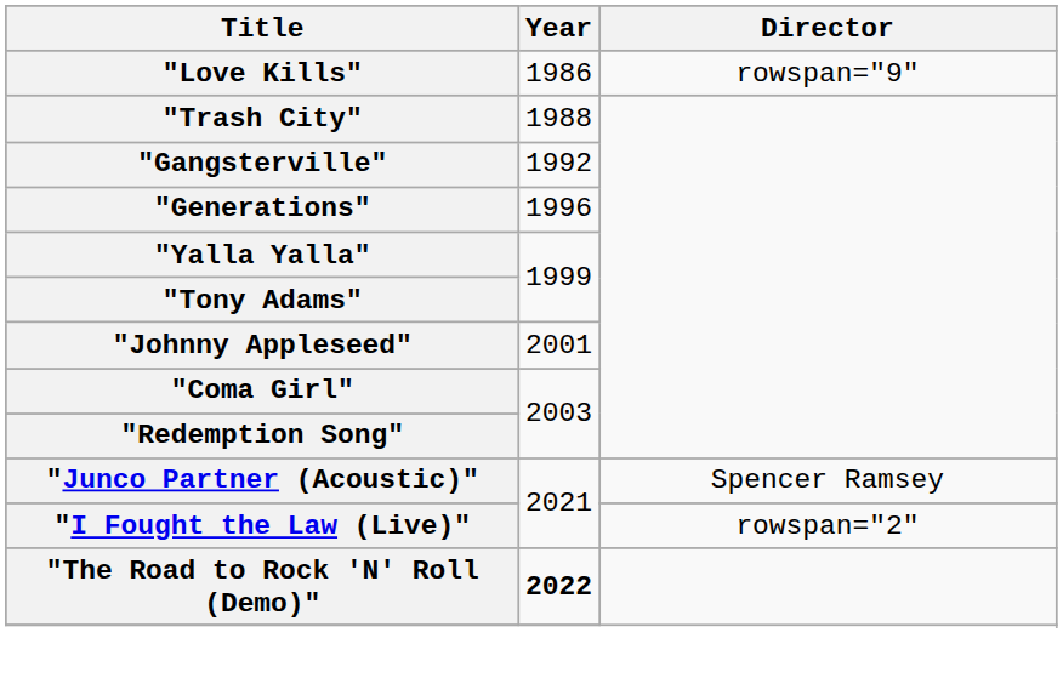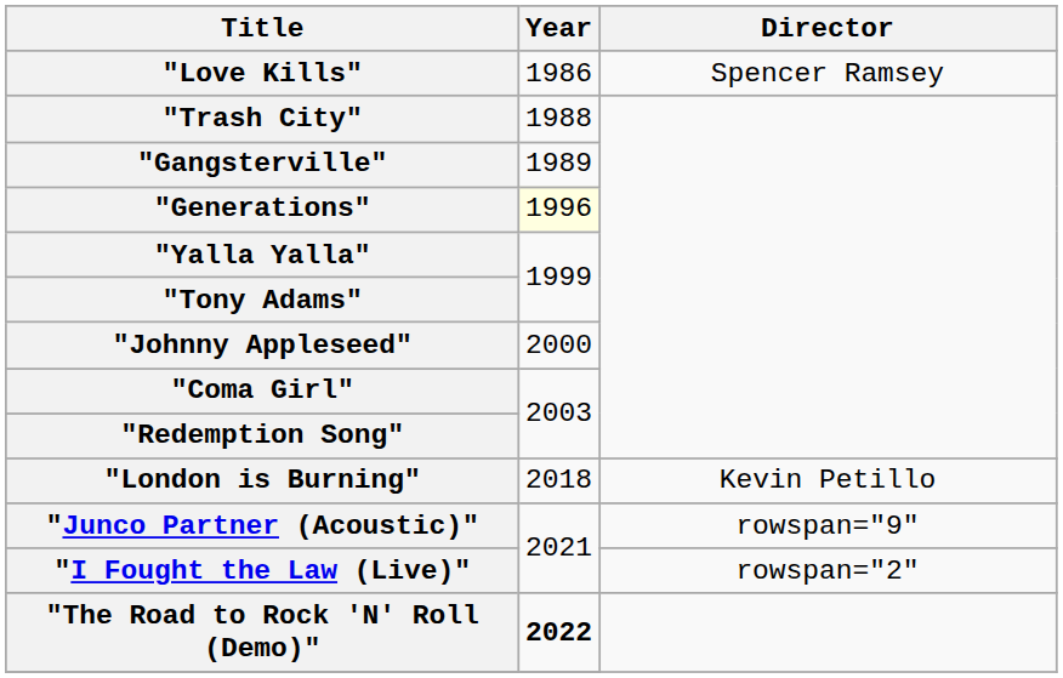 <table class="wikitable plainrowheaders" style="text-align:center;">
 <tr>
 <th scope="col" style="width:18em;">Title</th>
 <th scope="col">Year</th>
 <th scope="col" style="width:16em;">Director</th>
 </tr>
 <tr>
 <th scope="row">"Love Kills"</th>
 <td>1986</td>
-<td>rowspan="9" </td>
+<td>Spencer Ramsey</td>
 </tr>
 <tr>
 <th scope="row">"Trash City"</th>
 <td>1988</td>
 </tr>
 <tr>
 <th scope="row">"Gangsterville"</th>
-<td>1992</td>
+<td>1989</td>
 </tr>
 <tr>
 <th scope="row">"Generations"</th>
-<td>1996</td>
+<td style="background: lightyellow;">1996</td>
 </tr>
 <tr>
 <th scope="row">"Yalla Yalla"</th>
 <td rowspan="2">1999</td>
 </tr>
 <tr>
 <th scope="row">"Tony Adams"</th>
 </tr>
 <tr>
 <th scope="row">"Johnny Appleseed"</th>
-<td>2001</td>
+<td>2000</td>
 </tr>
 <tr>
 <th scope="row">"Coma Girl"</th>
 <td rowspan="2">2003</td>
 </tr>
 <tr>
 <th scope="row">"Redemption Song"</th>
 </tr>
 <tr>
+<th scope="row">"London is Burning"</th>
+<td>2018</td>
+<td>Kevin Petillo</td>
+</tr>
+<tr>
 <th scope="row">"<a href='#'>Junco Partner</a> (Acoustic)"</th>
 <td rowspan="2">2021</td>
-<td>Spencer Ramsey</td>
+<td>rowspan="9" </td>
 </tr>
 <tr>
 <th scope="row">"<a href='#'>I Fought the Law</a> (Live)"</th>
 <td>rowspan="2" </td>
 </tr>
 <tr>
 <th scope="row">"The Road to Rock 'N' Roll (Demo)"</th>
 <td><strong>2022</strong></td>
 </tr>
 <tr>
 </tr>
 </table>
